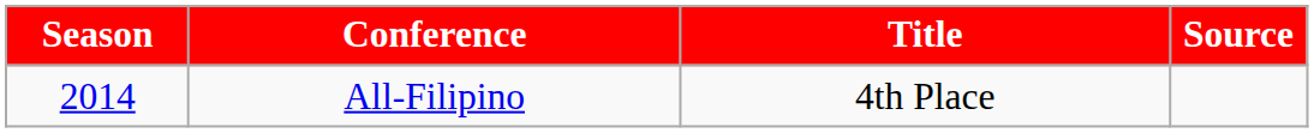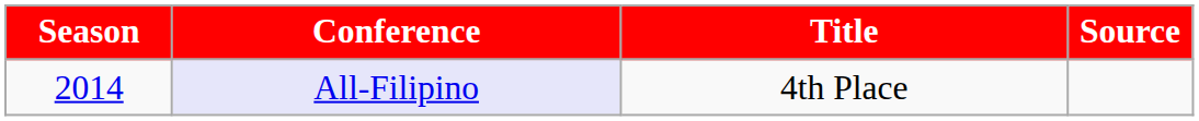 <table class="wikitable">
 <tr>
 <th width=70px style="background: Red; color: white; text-align: center"><strong>Season</strong></th>
 <th width=200px style="background: Red; color: White"><strong>Conference</strong></th>
 <th width=200px style="background: Red; color: White"><strong>Title</strong></th>
 <th width=50px style="background: Red; color: White"><strong>Source</strong></th>
 </tr>
 <tr align=center>
 <td><a href='#'>2014</a></td>
-<td><a href='#'>All-Filipino</a></td>
+<td style="background: lavender;"><a href='#'>All-Filipino</a></td>
 <td>4th Place</td>
 <td></td>
 </tr>
 </table>
